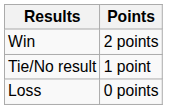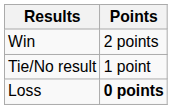 <table class="wikitable">
 <tr>
 <th>Results</th>
 <th>Points</th>
 </tr>
 <tr>
 <td>Win</td>
 <td>2 points</td>
 </tr>
 <tr>
 <td>Tie/No result</td>
 <td>1 point</td>
 </tr>
 <tr>
 <td>Loss</td>
-<td>0 points</td>
+<td><strong>0 points</strong></td>
 </tr>
 </table>
